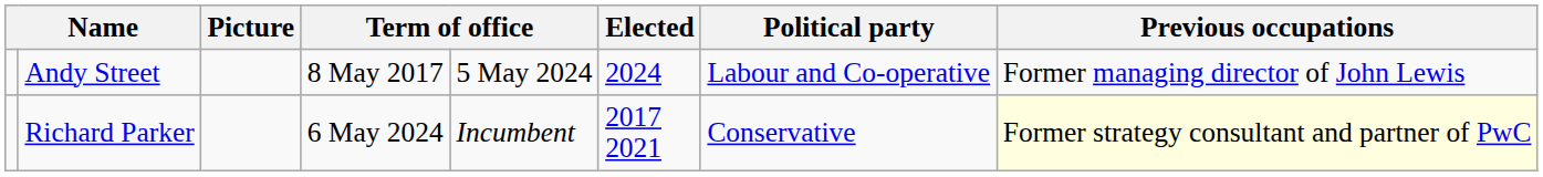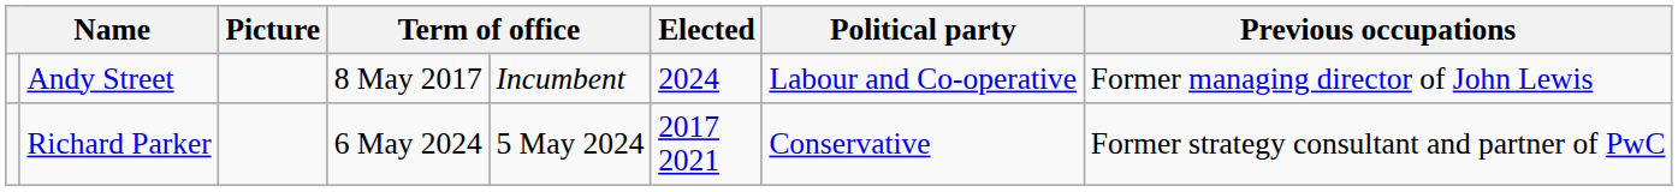 <table class="wikitable">
 <tr>
 <th colspan=2>Name</th>
 <th>Picture</th>
 <th colspan=2>Term of office</th>
 <th>Elected</th>
 <th>Political party</th>
 <th>Previous occupations</th>
 </tr>
 <tr>
 <td style="background-color: "></td>
 <td><a href='#'>Andy Street</a></td>
 <td></td>
 <td>8 May 2017</td>
-<td>5 May 2024</td>
+<td><em>Incumbent</em></td>
 <td><a href='#'>2024</a></td>
 <td><a href='#'>Labour and Co-operative</a></td>
 <td>Former <a href='#'>managing director</a> of <a href='#'>John Lewis</a></td>
 </tr>
 <tr>
 <td style="background-color: "></td>
 <td><a href='#'>Richard Parker</a></td>
 <td></td>
 <td>6 May 2024</td>
-<td><em>Incumbent</em></td>
+<td>5 May 2024</td>
 <td><a href='#'>2017</a><br><a href='#'>2021</a></td>
 <td><a href='#'>Conservative</a></td>
-<td style="background: lightyellow;">Former strategy consultant and partner of <a href='#'>PwC</a></td>
+<td>Former strategy consultant and partner of <a href='#'>PwC</a></td>
 </tr>
 </table>
